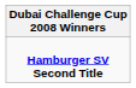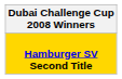 <table class="wikitable" style="text-align: center; margin: 0 auto;">
 <tr>
 <th>Dubai Challenge Cup<br>2008 Winners</th>
 </tr>
 <tr>
-<td><br><strong><a href='#'>Hamburger SV</a></strong><br><strong>Second Title</strong></td>
+<td style="background: gold;"><br><strong><a href='#'>Hamburger SV</a></strong><br><strong>Second Title</strong></td>
 </tr>
 </table>
